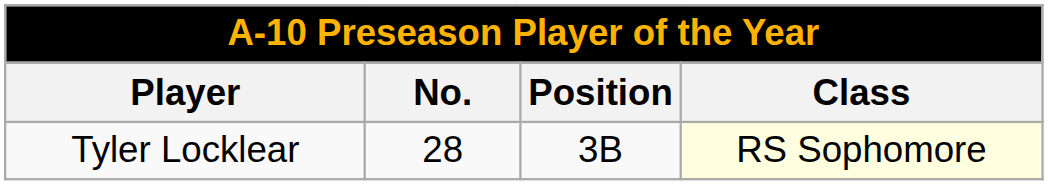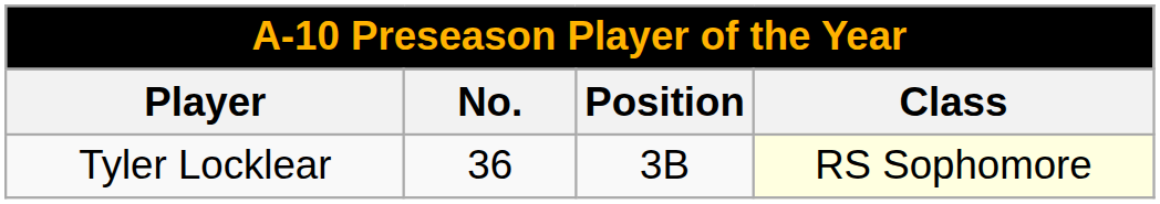 <table class="wikitable" style="text-align:center">
 <tr>
 <td colspan="5" style= "background: #000000; color:#FFB300"><strong>A-10 Preseason Player of the Year</strong></td>
 </tr>
 <tr>
 <th style="width:150px; ">Player</th>
 <th style="width:60px; ">No.</th>
 <th style="width:60px; ">Position</th>
 <th style="width:150px; ">Class</th>
 </tr>
 <tr>
 <td>Tyler Locklear</td>
-<td>28</td>
+<td>36</td>
 <td>3B</td>
 <td style="background: lightyellow;">RS Sophomore</td>
 </tr>
 </table>
